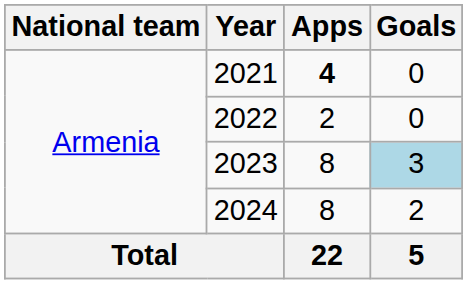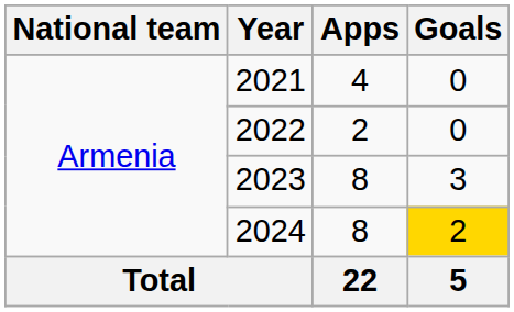 <table class=wikitable style="text-align: center">
 <tr>
 <th>National team</th>
 <th>Year</th>
 <th>Apps</th>
 <th>Goals</th>
 </tr>
 <tr>
 <td rowspan="4"><a href='#'>Armenia</a></td>
 <td>2021</td>
-<td><strong>4</strong></td>
+<td>4</td>
 <td>0</td>
 </tr>
 <tr>
 <td>2022</td>
 <td>2</td>
 <td>0</td>
 </tr>
 <tr>
 <td>2023</td>
 <td>8</td>
-<td style="background: lightblue;">3</td>
+<td>3</td>
 </tr>
 <tr>
 <td>2024</td>
 <td>8</td>
-<td>2</td>
+<td style="background: gold;">2</td>
 </tr>
 <tr>
 <th colspan="2">Total</th>
 <th>22</th>
 <th>5</th>
 </tr>
 </table>
